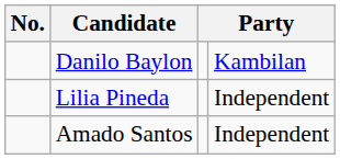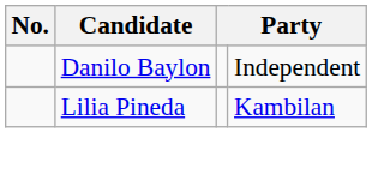 <table class="wikitable sortable" style="text-align:left;">
 <tr>
 <th>No.</th>
 <th>Candidate</th>
 <th colspan="2">Party</th>
 </tr>
 <tr>
 <td></td>
 <td><a href='#'>Danilo Baylon</a></td>
 <td></td>
-<td><a href='#'>Kambilan</a></td>
+<td>Independent</td>
 </tr>
 <tr>
 <td></td>
 <td><a href='#'>Lilia Pineda</a></td>
 <td></td>
-<td>Independent</td>
-</tr>
-<tr>
-<td></td>
-<td>Amado Santos</td>
-<td></td>
-<td>Independent</td>
+<td><a href='#'>Kambilan</a></td>
 </tr>
 </table>
